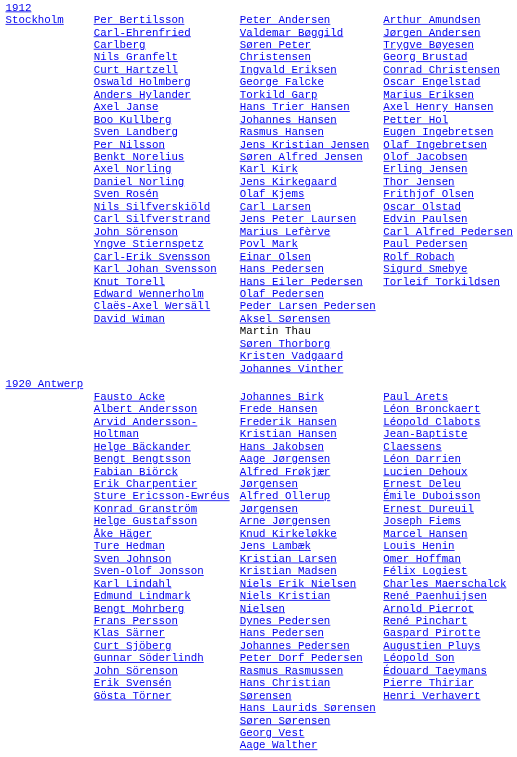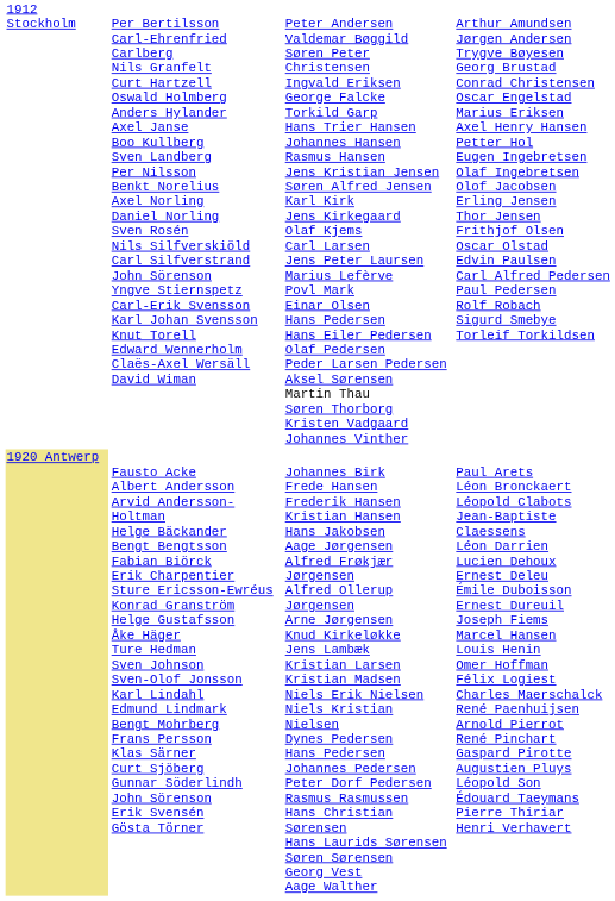 <table>
 <tr valign="top">
 <td><a href='#'>1912 Stockholm</a><br></td>
 <td valign=top><br><a href='#'>Per Bertilsson</a><br><a href='#'>Carl-Ehrenfried Carlberg</a><br><a href='#'>Nils Granfelt</a><br><a href='#'>Curt Hartzell</a><br><a href='#'>Oswald Holmberg</a><br><a href='#'>Anders Hylander</a><br><a href='#'>Axel Janse</a><br><a href='#'>Boo Kullberg</a><br><a href='#'>Sven Landberg</a><br><a href='#'>Per Nilsson</a><br><a href='#'>Benkt Norelius</a><br><a href='#'>Axel Norling</a><br><a href='#'>Daniel Norling</a><br><a href='#'>Sven Rosén</a><br><a href='#'>Nils Silfverskiöld</a><br><a href='#'>Carl Silfverstrand</a><br><a href='#'>John Sörenson</a><br><a href='#'>Yngve Stiernspetz</a><br><a href='#'>Carl-Erik Svensson</a><br><a href='#'>Karl Johan Svensson</a><br><a href='#'>Knut Torell</a><br><a href='#'>Edward Wennerholm</a><br><a href='#'>Claës-Axel Wersäll</a><br><a href='#'>David Wiman</a></td>
 <td valign=top><br><a href='#'>Peter Andersen</a><br><a href='#'>Valdemar Bøggild</a><br><a href='#'>Søren Peter Christensen</a><br><a href='#'>Ingvald Eriksen</a><br><a href='#'>George Falcke</a><br><a href='#'>Torkild Garp</a><br><a href='#'>Hans Trier Hansen</a><br><a href='#'>Johannes Hansen</a><br><a href='#'>Rasmus Hansen</a><br><a href='#'>Jens Kristian Jensen</a><br><a href='#'>Søren Alfred Jensen</a><br><a href='#'>Karl Kirk</a><br><a href='#'>Jens Kirkegaard</a><br><a href='#'>Olaf Kjems</a><br><a href='#'>Carl Larsen</a><br><a href='#'>Jens Peter Laursen</a><br><a href='#'>Marius Lefèrve</a><br><a href='#'>Povl Mark</a><br><a href='#'>Einar Olsen</a><br><a href='#'>Hans Pedersen</a><br><a href='#'>Hans Eiler Pedersen</a><br><a href='#'>Olaf Pedersen</a><br><a href='#'>Peder Larsen Pedersen</a><br><a href='#'>Aksel Sørensen</a><br>Martin Thau<br><a href='#'>Søren Thorborg</a><br><a href='#'>Kristen Vadgaard</a><br><a href='#'>Johannes Vinther</a></td>
 <td valign=top><br><a href='#'>Arthur Amundsen</a><br><a href='#'>Jørgen Andersen</a><br><a href='#'>Trygve Bøyesen</a><br><a href='#'>Georg Brustad</a><br><a href='#'>Conrad Christensen</a><br><a href='#'>Oscar Engelstad</a><br><a href='#'>Marius Eriksen</a><br><a href='#'>Axel Henry Hansen</a><br><a href='#'>Petter Hol</a><br><a href='#'>Eugen Ingebretsen</a><br><a href='#'>Olaf Ingebretsen</a><br><a href='#'>Olof Jacobsen</a><br><a href='#'>Erling Jensen</a><br><a href='#'>Thor Jensen</a><br><a href='#'>Frithjof Olsen</a><br><a href='#'>Oscar Olstad</a><br><a href='#'>Edvin Paulsen</a><br><a href='#'>Carl Alfred Pedersen</a><br><a href='#'>Paul Pedersen</a><br><a href='#'>Rolf Robach</a><br><a href='#'>Sigurd Smebye</a><br><a href='#'>Torleif Torkildsen</a></td>
 </tr>
 <tr valign="top">
-<td><a href='#'>1920 Antwerp</a><br></td>
+<td style="background: khaki;"><a href='#'>1920 Antwerp</a><br></td>
 <td valign=top><br><a href='#'>Fausto Acke</a><br><a href='#'>Albert Andersson</a><br><a href='#'>Arvid Andersson-Holtman</a><br><a href='#'>Helge Bäckander</a><br><a href='#'>Bengt Bengtsson</a><br><a href='#'>Fabian Biörck</a><br><a href='#'>Erik Charpentier</a><br><a href='#'>Sture Ericsson-Ewréus</a><br><a href='#'>Konrad Granström</a><br><a href='#'>Helge Gustafsson</a><br><a href='#'>Åke Häger</a><br><a href='#'>Ture Hedman</a><br><a href='#'>Sven Johnson</a><br><a href='#'>Sven-Olof Jonsson</a><br><a href='#'>Karl Lindahl</a><br><a href='#'>Edmund Lindmark</a><br><a href='#'>Bengt Mohrberg</a><br><a href='#'>Frans Persson</a><br><a href='#'>Klas Särner</a><br><a href='#'>Curt Sjöberg</a><br><a href='#'>Gunnar Söderlindh</a><br><a href='#'>John Sörenson</a><br><a href='#'>Erik Svensén</a><br><a href='#'>Gösta Törner</a></td>
 <td valign=top><br><a href='#'>Johannes Birk</a><br><a href='#'>Frede Hansen</a><br><a href='#'>Frederik Hansen</a><br><a href='#'>Kristian Hansen</a><br><a href='#'>Hans Jakobsen</a><br><a href='#'>Aage Jørgensen</a><br><a href='#'>Alfred Frøkjær Jørgensen</a><br><a href='#'>Alfred Ollerup Jørgensen</a><br><a href='#'>Arne Jørgensen</a><br><a href='#'>Knud Kirkeløkke</a><br><a href='#'>Jens Lambæk</a><br><a href='#'>Kristian Larsen</a><br><a href='#'>Kristian Madsen</a><br><a href='#'>Niels Erik Nielsen</a><br><a href='#'>Niels Kristian Nielsen</a><br><a href='#'>Dynes Pedersen</a><br><a href='#'>Hans Pedersen</a><br><a href='#'>Johannes Pedersen</a><br><a href='#'>Peter Dorf Pedersen</a><br><a href='#'>Rasmus Rasmussen</a><br><a href='#'>Hans Christian Sørensen</a><br><a href='#'>Hans Laurids Sørensen</a><br><a href='#'>Søren Sørensen</a><br><a href='#'>Georg Vest</a><br><a href='#'>Aage Walther</a></td>
 <td valign=top><br><a href='#'>Paul Arets</a><br><a href='#'>Léon Bronckaert</a><br><a href='#'>Léopold Clabots</a><br><a href='#'>Jean-Baptiste Claessens</a><br><a href='#'>Léon Darrien</a><br><a href='#'>Lucien Dehoux</a><br><a href='#'>Ernest Deleu</a><br><a href='#'>Émile Duboisson</a><br><a href='#'>Ernest Dureuil</a><br><a href='#'>Joseph Fiems</a><br><a href='#'>Marcel Hansen</a><br><a href='#'>Louis Henin</a><br><a href='#'>Omer Hoffman</a><br><a href='#'>Félix Logiest</a><br><a href='#'>Charles Maerschalck</a><br><a href='#'>René Paenhuijsen</a><br><a href='#'>Arnold Pierrot</a><br><a href='#'>René Pinchart</a><br><a href='#'>Gaspard Pirotte</a><br><a href='#'>Augustien Pluys</a><br><a href='#'>Léopold Son</a><br><a href='#'>Édouard Taeymans</a><br><a href='#'>Pierre Thiriar</a><br><a href='#'>Henri Verhavert</a></td>
 </tr>
 </table>
